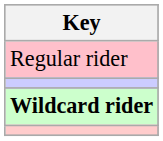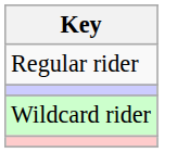 <table class="wikitable" style="font-size: 85%;">
 <tr>
 <th colspan="3">Key</th>
 </tr>
 <tr>
-<td style="background: pink;">Regular rider</td>
+<td>Regular rider</td>
 </tr>
 <tr style="background:#CCCCFF;">
 <td></td>
 </tr>
 <tr style="background:#CCFFCC;">
-<td><strong>Wildcard rider</strong></td>
+<td>Wildcard rider</td>
 </tr>
 <tr style="background:#FFCCCC;">
 <td></td>
 </tr>
 </table>
